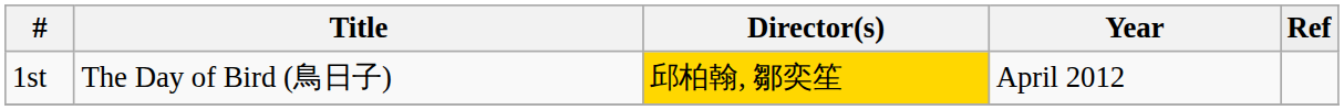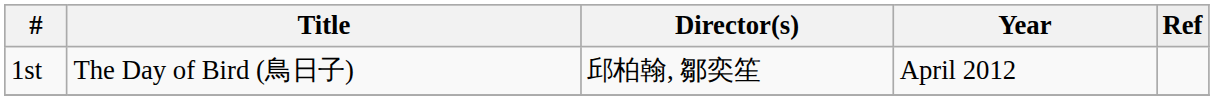 <table class="wikitable">
 <tr bgcolor="#EEEEEE" style="font-weight:bold;">
 <th width="30px">#</th>
 <th width="300px">Title</th>
 <th width="180px">Director(s)</th>
 <th width="150px">Year</th>
 <td>Ref</td>
 </tr>
 <tr>
 <td>1st</td>
 <td>The Day of Bird (鳥日子)</td>
-<td style="background: gold;">邱柏翰, 鄒奕笙</td>
+<td>邱柏翰, 鄒奕笙</td>
 <td>April 2012</td>
 <td></td>
 </tr>
 <tr>
 </tr>
 </table>
